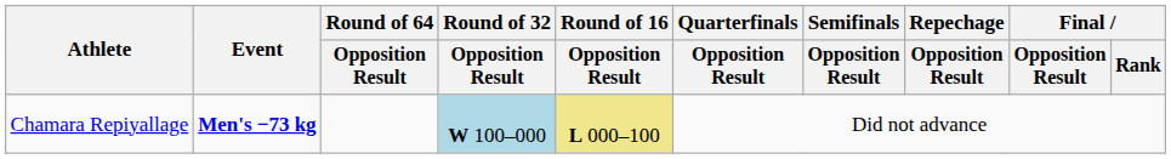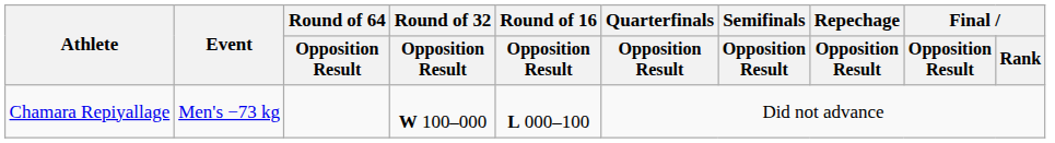 <table class="wikitable" style="font-size:90%">
 <tr>
 <th rowspan=2>Athlete</th>
 <th rowspan=2>Event</th>
 <th>Round of 64</th>
 <th>Round of 32</th>
 <th>Round of 16</th>
 <th>Quarterfinals</th>
 <th>Semifinals</th>
 <th>Repechage</th>
 <th colspan=2>Final / </th>
 </tr>
 <tr style="font-size:95%">
 <th>Opposition<br>Result</th>
 <th>Opposition<br>Result</th>
 <th>Opposition<br>Result</th>
 <th>Opposition<br>Result</th>
 <th>Opposition<br>Result</th>
 <th>Opposition<br>Result</th>
 <th>Opposition<br>Result</th>
 <th>Rank</th>
 </tr>
 <tr align=center>
 <td align=left><a href='#'>Chamara Repiyallage</a></td>
-<td align=left><strong><a href='#'>Men's −73 kg</a></strong></td>
+<td align=left><a href='#'>Men's −73 kg</a></td>
 <td></td>
-<td style="background: lightblue;"><br><strong>W</strong> 100–000</td>
-<td style="background: khaki;"><br><strong>L</strong> 000–100</td>
+<td><br><strong>W</strong> 100–000</td>
+<td><br><strong>L</strong> 000–100</td>
 <td colspan=5>Did not advance</td>
 </tr>
 </table>
